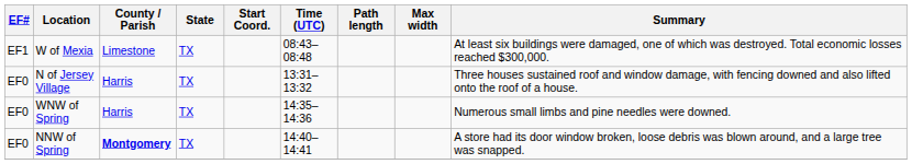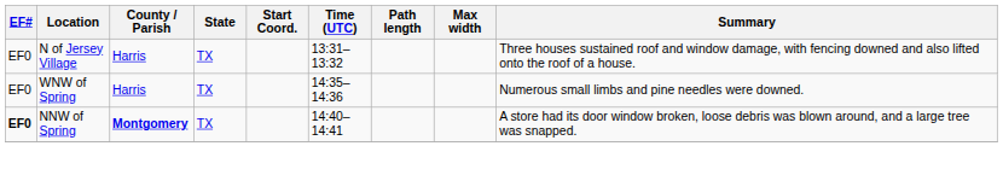 <table class="wikitable sortable" style="width:100%;">
 <tr>
 <th scope="col" style="width:3%; text-align:center;"><a href='#'>EF#</a></th>
 <th scope="col" style="width:7%; text-align:center;" class="unsortable">Location</th>
 <th scope="col" style="width:6%; text-align:center;" class="unsortable">County / Parish</th>
 <th scope="col" style="width:5%; text-align:center;">State</th>
 <th scope="col" style="width:6%; text-align:center;">Start Coord.</th>
 <th scope="col" style="width:6%; text-align:center;">Time (<a href='#'>UTC</a>)</th>
 <th scope="col" style="width:6%; text-align:center;">Path length</th>
 <th scope="col" style="width:6%; text-align:center;">Max width</th>
 <th scope="col" class="unsortable" style="width:48%; text-align:center;">Summary</th>
-</tr>
-<tr>
-<td>EF1</td>
-<td>W of <a href='#'>Mexia</a></td>
-<td><a href='#'>Limestone</a></td>
-<td><a href='#'>TX</a></td>
-<td></td>
-<td>08:43–08:48</td>
-<td></td>
-<td></td>
-<td>At least six buildings were damaged, one of which was destroyed. Total economic losses reached $300,000.</td>
 </tr>
 <tr>
 <td>EF0</td>
 <td>N of <a href='#'>Jersey Village</a></td>
 <td><a href='#'>Harris</a></td>
 <td><a href='#'>TX</a></td>
 <td></td>
 <td>13:31–13:32</td>
 <td></td>
 <td></td>
 <td>Three houses sustained roof and window damage, with fencing downed and also lifted onto the roof of a house.</td>
 </tr>
 <tr>
 <td>EF0</td>
 <td>WNW of <a href='#'>Spring</a></td>
 <td><a href='#'>Harris</a></td>
 <td><a href='#'>TX</a></td>
 <td></td>
 <td>14:35–14:36</td>
 <td></td>
 <td></td>
 <td>Numerous small limbs and pine needles were downed.</td>
 </tr>
 <tr>
-<td>EF0</td>
+<td><strong>EF0</strong></td>
 <td>NNW of <a href='#'>Spring</a></td>
 <td><strong><a href='#'>Montgomery</a></strong></td>
 <td><a href='#'>TX</a></td>
 <td></td>
 <td>14:40–14:41</td>
 <td></td>
 <td></td>
 <td>A store had its door window broken, loose debris was blown around, and a large tree was snapped.</td>
 </tr>
 <tr>
 </tr>
 </table>
